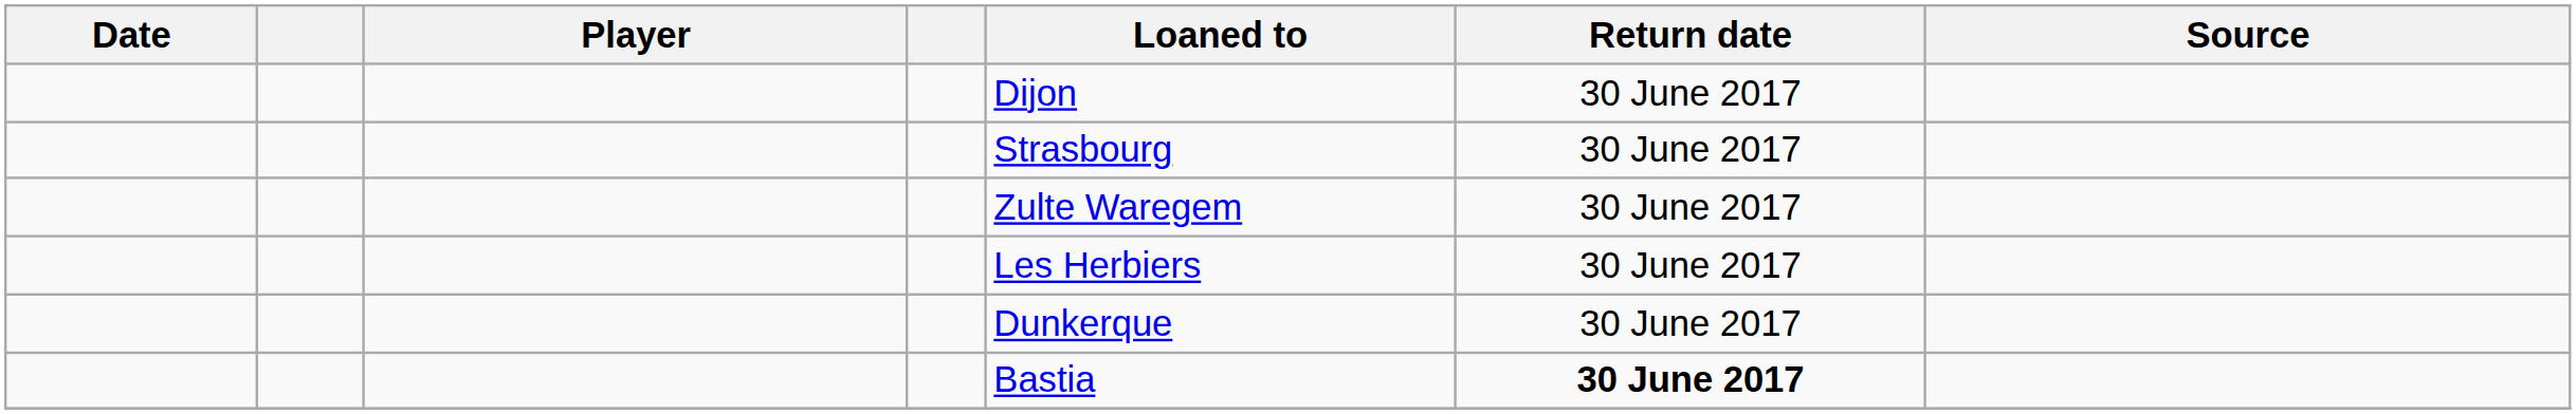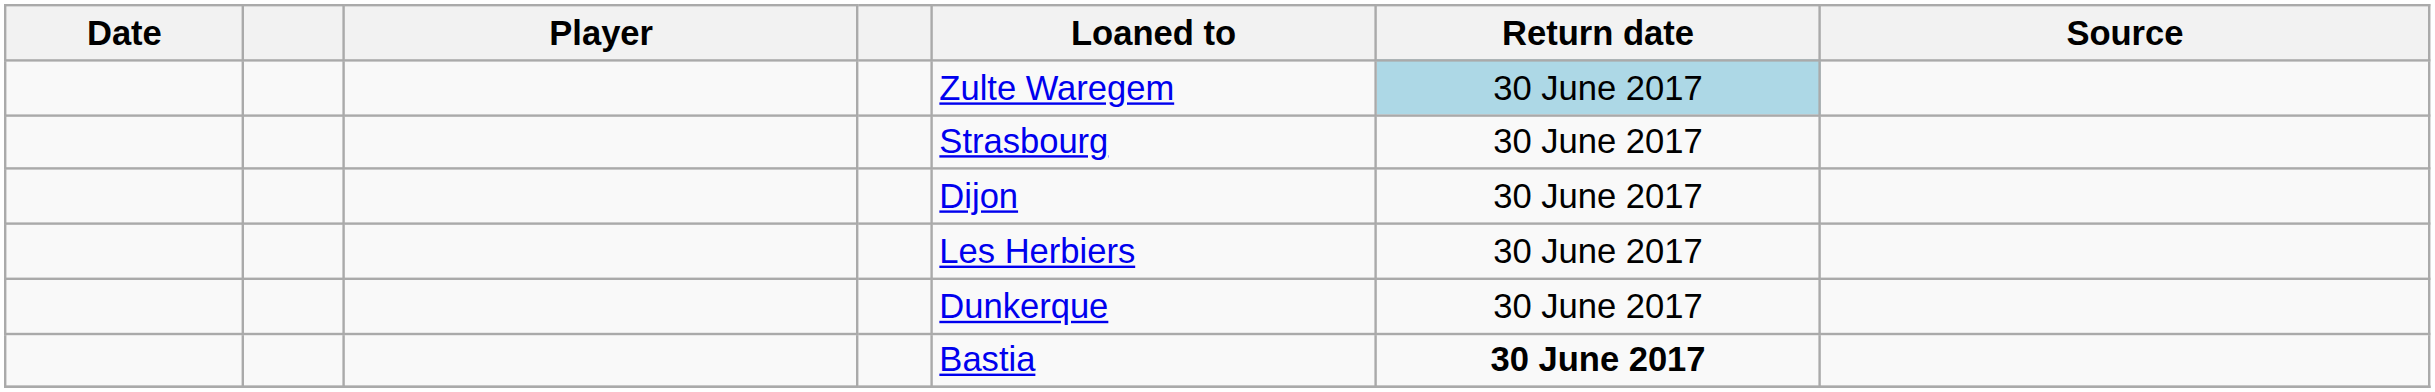 <table class="wikitable" style="text-left; font-size:90%; width:80%;">
 <tr>
 <th style="width:80px;">Date</th>
 <th style="width:30px;"></th>
 <th style="width:180px;">Player</th>
 <th style="width:20px;"></th>
 <th style="width:155px;">Loaned to</th>
 <th style="width:155px;" class="unsortable">Return date</th>
 <th style="width:215px;" class="unsortable">Source</th>
 </tr>
 <tr>
 <td></td>
 <td align=center></td>
 <td> </td>
 <td></td>
-<td> <a href='#'>Dijon</a></td>
-<td align=center>30 June 2017</td>
+<td> <a href='#'>Zulte Waregem</a></td>
+<td align=center style="background: lightblue;">30 June 2017</td>
 <td align=center></td>
 </tr>
 <tr>
 <td></td>
 <td align=center></td>
 <td> </td>
 <td></td>
 <td> <a href='#'>Strasbourg</a></td>
 <td align=center>30 June 2017</td>
 <td align=center></td>
 </tr>
 <tr>
 <td></td>
 <td align=center></td>
 <td> </td>
 <td></td>
-<td> <a href='#'>Zulte Waregem</a></td>
+<td> <a href='#'>Dijon</a></td>
 <td align=center>30 June 2017</td>
 <td align=center></td>
 </tr>
 <tr>
 <td></td>
 <td align=center></td>
 <td> </td>
 <td></td>
 <td> <a href='#'>Les Herbiers</a></td>
 <td align=center>30 June 2017</td>
 <td align=center></td>
 </tr>
 <tr>
 <td></td>
 <td align=center></td>
 <td> </td>
 <td></td>
 <td> <a href='#'>Dunkerque</a></td>
 <td align=center>30 June 2017</td>
 <td align=center></td>
 </tr>
 <tr>
 <td></td>
 <td align=center></td>
 <td> </td>
 <td></td>
 <td> <a href='#'>Bastia</a></td>
 <td align=center><strong>30 June 2017</strong></td>
 <td align=center></td>
 </tr>
 <tr>
 </tr>
 </table>
